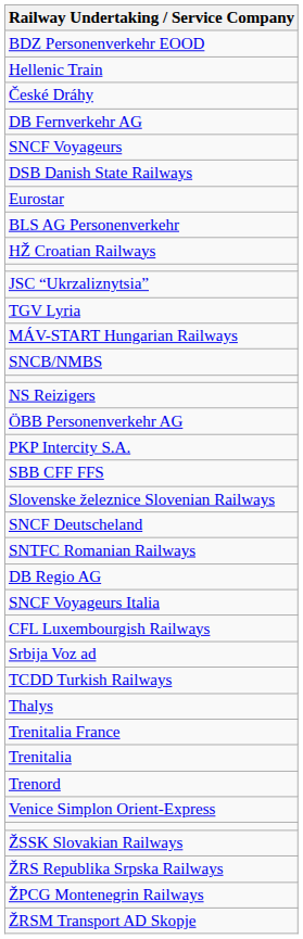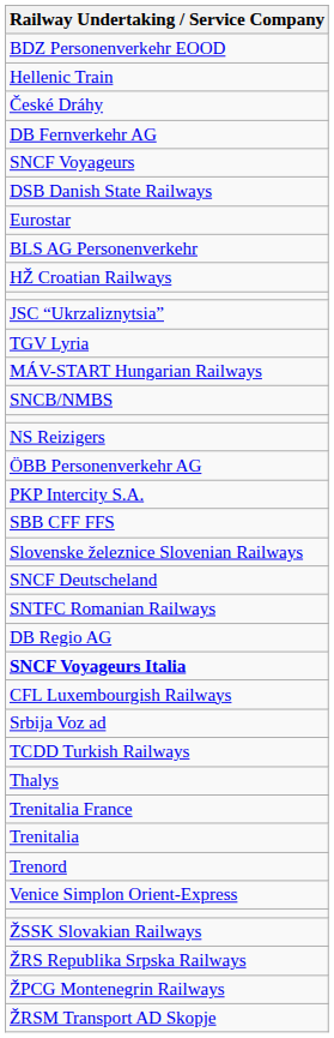 <table class="wikitable">
 <tr>
 <th>Railway Undertaking / Service Company</th>
 </tr>
 <tr>
 <td><a href='#'>BDZ Personenverkehr EOOD</a></td>
 </tr>
 <tr>
 <td><a href='#'>Hellenic Train</a></td>
 </tr>
 <tr>
 <td><a href='#'>České Dráhy</a></td>
 </tr>
 <tr>
 <td><a href='#'>DB Fernverkehr AG</a></td>
 </tr>
 <tr>
 <td><a href='#'>SNCF Voyageurs</a></td>
 </tr>
 <tr>
 <td><a href='#'>DSB Danish State Railways</a></td>
 </tr>
 <tr>
 <td><a href='#'>Eurostar</a></td>
 </tr>
 <tr>
 <td><a href='#'>BLS AG Personenverkehr</a></td>
 </tr>
 <tr>
 <td><a href='#'>HŽ Croatian Railways</a></td>
 </tr>
 <tr>
 <td></td>
 </tr>
 <tr>
 <td><a href='#'>JSC “Ukrzaliznytsia”</a></td>
 </tr>
 <tr>
 <td><a href='#'>TGV Lyria</a></td>
 </tr>
 <tr>
 <td><a href='#'>MÁV-START Hungarian Railways</a></td>
 </tr>
 <tr>
 <td><a href='#'>SNCB/NMBS</a></td>
 </tr>
 <tr>
 <td></td>
 </tr>
 <tr>
 <td><a href='#'>NS Reizigers</a></td>
 </tr>
 <tr>
 <td><a href='#'>ÖBB Personenverkehr AG</a></td>
 </tr>
 <tr>
 <td><a href='#'>PKP Intercity S.A.</a></td>
 </tr>
 <tr>
 <td><a href='#'>SBB CFF FFS</a></td>
 </tr>
 <tr>
 <td><a href='#'>Slovenske železnice Slovenian Railways</a></td>
 </tr>
 <tr>
 <td><a href='#'>SNCF Deutscheland</a></td>
 </tr>
 <tr>
 <td><a href='#'>SNTFC Romanian Railways</a></td>
 </tr>
 <tr>
 <td><a href='#'>DB Regio AG</a></td>
 </tr>
 <tr>
-<td><a href='#'>SNCF Voyageurs Italia</a></td>
+<td><strong><a href='#'>SNCF Voyageurs Italia</a></strong></td>
 </tr>
 <tr>
 <td><a href='#'>CFL Luxembourgish Railways</a></td>
 </tr>
 <tr>
 <td><a href='#'>Srbija Voz ad</a></td>
 </tr>
 <tr>
 <td><a href='#'>TCDD Turkish Railways</a></td>
 </tr>
 <tr>
 <td><a href='#'>Thalys</a></td>
 </tr>
 <tr>
 <td><a href='#'>Trenitalia France</a></td>
 </tr>
 <tr>
 <td><a href='#'>Trenitalia</a></td>
 </tr>
 <tr>
 <td><a href='#'>Trenord</a></td>
 </tr>
 <tr>
 <td><a href='#'>Venice Simplon Orient-Express</a></td>
 </tr>
 <tr>
 <td></td>
 </tr>
 <tr>
 <td><a href='#'>ŽSSK Slovakian Railways</a></td>
 </tr>
 <tr>
 <td><a href='#'>ŽRS Republika Srpska Railways</a></td>
 </tr>
 <tr>
 <td><a href='#'>ŽPCG Montenegrin Railways</a></td>
 </tr>
 <tr>
 <td><a href='#'>ŽRSM Transport AD Skopje</a></td>
 </tr>
 </table>
